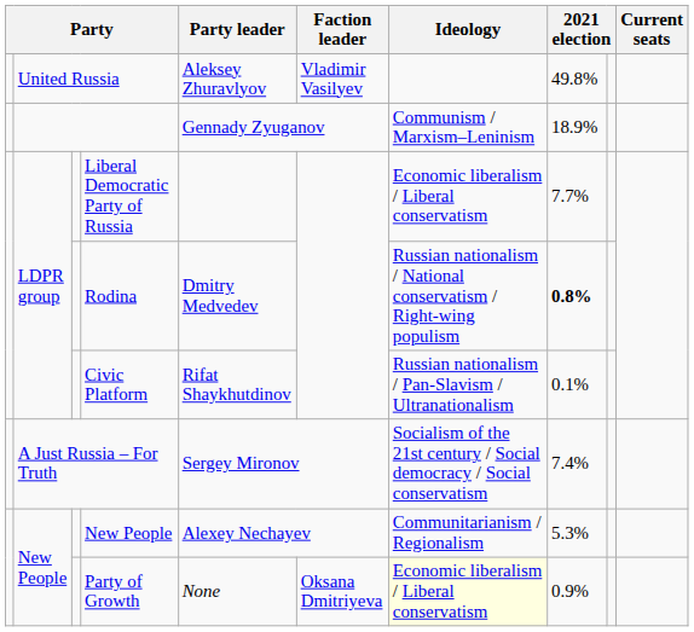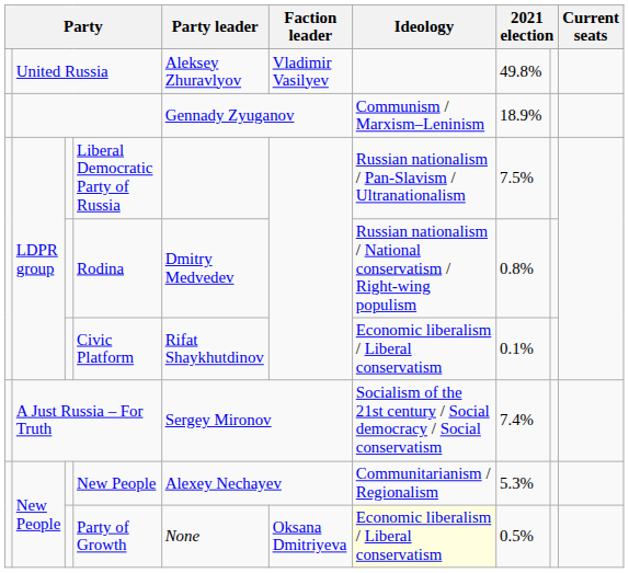 <table class="wikitable">
 <tr>
 <th style="text-align:center;" colspan="4">Party</th>
 <th style="text-align:center;">Party leader</th>
 <th>Faction leader</th>
 <th style="text-align:center;">Ideology</th>
 <th style="text-align:center;" colspan=2>2021 election</th>
 <th style="text-align:center;">Current seats</th>
 </tr>
 <tr>
 <td style="background: "></td>
 <td colspan="3"><a href='#'>United Russia</a></td>
 <td><a href='#'>Aleksey Zhuravlyov</a></td>
 <td><a href='#'>Vladimir Vasilyev</a></td>
 <td></td>
 <td>49.8%</td>
 <td></td>
 <td></td>
 </tr>
 <tr>
 <td style="background: "></td>
 <td colspan="3"></td>
 <td colspan="2"><a href='#'>Gennady Zyuganov</a></td>
 <td><a href='#'>Communism</a> / <a href='#'>Marxism–Leninism</a></td>
 <td>18.9%</td>
 <td></td>
 <td></td>
 </tr>
 <tr>
 <td rowspan=3 style="background: "></td>
 <td rowspan=3><a href='#'>LDPR group</a></td>
 <td style="background: "></td>
 <td><a href='#'>Liberal Democratic Party of Russia</a></td>
 <td></td>
 <td rowspan="3"></td>
-<td><a href='#'>Economic liberalism</a> / <a href='#'>Liberal conservatism</a></td>
-<td>7.7%</td>
+<td><a href='#'>Russian nationalism</a> / <a href='#'>Pan-Slavism</a> / <a href='#'>Ultranationalism</a></td>
+<td>7.5%</td>
 <td></td>
 <td rowspan=3></td>
 </tr>
 <tr>
 <td style="background: "></td>
 <td><a href='#'>Rodina</a></td>
 <td><a href='#'>Dmitry Medvedev</a></td>
 <td><a href='#'>Russian nationalism</a> / <a href='#'>National conservatism</a> / <a href='#'>Right-wing populism</a></td>
-<td><strong>0.8%</strong></td>
+<td>0.8%</td>
 <td></td>
 </tr>
 <tr>
 <td style="background: "></td>
 <td><a href='#'>Civic Platform</a></td>
 <td><a href='#'>Rifat Shaykhutdinov</a></td>
-<td><a href='#'>Russian nationalism</a> / <a href='#'>Pan-Slavism</a> / <a href='#'>Ultranationalism</a></td>
+<td><a href='#'>Economic liberalism</a> / <a href='#'>Liberal conservatism</a></td>
 <td>0.1%</td>
 <td></td>
 </tr>
 <tr>
 <td style="background: "></td>
 <td colspan="3"><a href='#'>A Just Russia – For Truth</a></td>
 <td colspan="2"><a href='#'>Sergey Mironov</a></td>
 <td><a href='#'>Socialism of the 21st century</a> / <a href='#'>Social democracy</a> / <a href='#'>Social conservatism</a></td>
 <td>7.4%</td>
 <td></td>
 <td></td>
 </tr>
 <tr>
 <td rowspan=2 style="background: "></td>
 <td rowspan=2><a href='#'>New People</a></td>
 <td style="background: "></td>
 <td><a href='#'>New People</a></td>
 <td colspan="2"><a href='#'>Alexey Nechayev</a></td>
 <td><a href='#'>Communitarianism</a> / <a href='#'>Regionalism</a></td>
 <td>5.3%</td>
 <td></td>
 <td></td>
 </tr>
 <tr>
 <td style="background: "></td>
 <td><a href='#'>Party of Growth</a></td>
 <td><em>None</em></td>
 <td><a href='#'>Oksana Dmitriyeva</a></td>
 <td style="background: lightyellow;"><a href='#'>Economic liberalism</a> / <a href='#'>Liberal conservatism</a></td>
-<td>0.9%</td>
+<td>0.5%</td>
 <td></td>
 <td></td>
 </tr>
 </table>
